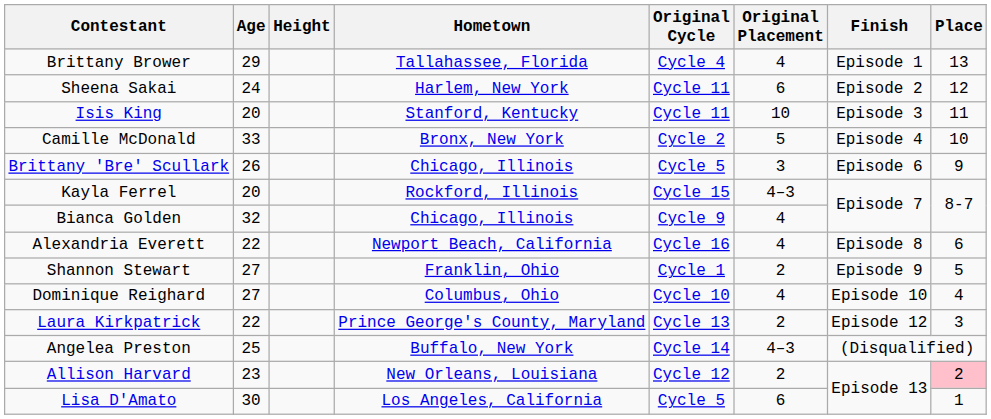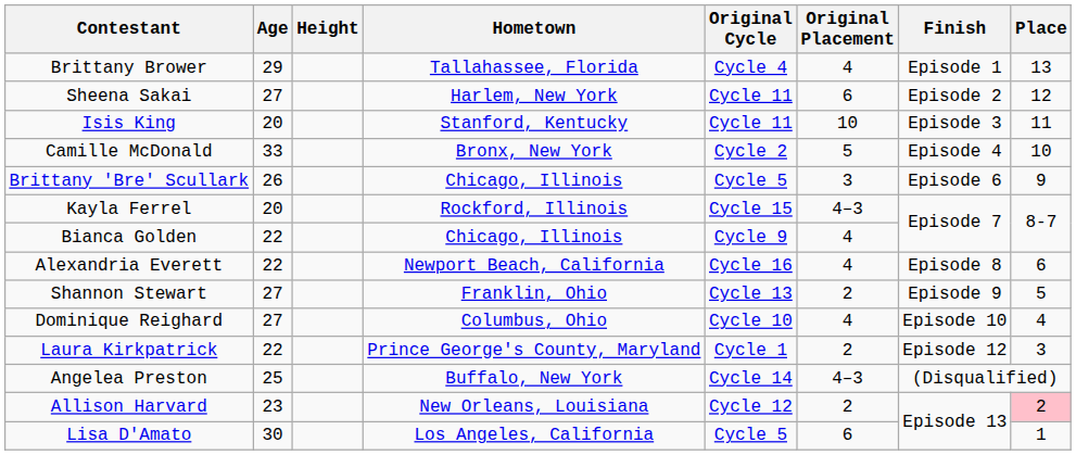 <table class="wikitable sortable" style="text-align:center;">
 <tr>
 <th scope="col">Contestant</th>
 <th scope="col">Age</th>
 <th scope="col">Height</th>
 <th scope="col">Hometown</th>
 <th scope="col">Original<br>Cycle</th>
 <th scope="col">Original<br>Placement</th>
 <th scope="col">Finish</th>
 <th scope="col">Place</th>
 </tr>
 <tr>
 <td>Brittany Brower</td>
 <td>29</td>
 <td></td>
 <td nowrap><a href='#'>Tallahassee, Florida</a></td>
 <td><a href='#'>Cycle 4</a></td>
 <td>4</td>
 <td>Episode 1</td>
 <td>13</td>
 </tr>
 <tr>
 <td>Sheena Sakai</td>
-<td>24</td>
+<td>27</td>
 <td></td>
 <td><a href='#'>Harlem, New York</a></td>
 <td><a href='#'>Cycle 11</a></td>
 <td>6</td>
 <td>Episode 2</td>
 <td>12</td>
 </tr>
 <tr>
 <td><a href='#'>Isis King</a></td>
 <td>20</td>
 <td nowrap></td>
 <td><a href='#'>Stanford, Kentucky</a></td>
 <td><a href='#'>Cycle 11</a></td>
 <td>10</td>
 <td>Episode 3</td>
 <td>11</td>
 </tr>
 <tr>
 <td nowrap>Camille McDonald</td>
 <td>33</td>
 <td></td>
 <td><a href='#'>Bronx, New York</a></td>
 <td><a href='#'>Cycle 2</a></td>
 <td>5</td>
 <td>Episode 4</td>
 <td>10</td>
 </tr>
 <tr>
 <td nowrap><a href='#'>Brittany 'Bre' Scullark</a></td>
 <td>26</td>
 <td></td>
 <td><a href='#'>Chicago, Illinois</a></td>
 <td><a href='#'>Cycle 5</a></td>
 <td>3</td>
 <td>Episode 6</td>
 <td>9</td>
 </tr>
 <tr>
 <td>Kayla Ferrel</td>
 <td>20</td>
 <td></td>
 <td><a href='#'>Rockford, Illinois</a></td>
 <td><a href='#'>Cycle 15</a></td>
 <td>4–3</td>
 <td rowspan=2>Episode 7</td>
 <td rowspan="2">8-7</td>
 </tr>
 <tr>
 <td>Bianca Golden</td>
-<td>32</td>
+<td>22</td>
 <td></td>
 <td><a href='#'>Chicago, Illinois</a></td>
 <td><a href='#'>Cycle 9</a></td>
 <td>4</td>
 </tr>
 <tr>
 <td>Alexandria Everett</td>
 <td>22</td>
 <td></td>
 <td nowrap><a href='#'>Newport Beach, California</a></td>
 <td><a href='#'>Cycle 16</a></td>
 <td>4</td>
 <td>Episode 8</td>
 <td>6</td>
 </tr>
 <tr>
 <td>Shannon Stewart</td>
 <td>27</td>
 <td></td>
 <td><a href='#'>Franklin, Ohio</a></td>
-<td><a href='#'>Cycle 1</a></td>
+<td><a href='#'>Cycle 13</a></td>
 <td>2</td>
 <td>Episode 9</td>
 <td>5</td>
 </tr>
 <tr>
 <td>Dominique Reighard</td>
 <td>27</td>
 <td></td>
 <td><a href='#'>Columbus, Ohio</a></td>
 <td><a href='#'>Cycle 10</a></td>
 <td>4</td>
 <td nowrap>Episode 10</td>
 <td>4</td>
 </tr>
 <tr>
 <td><a href='#'>Laura Kirkpatrick</a></td>
 <td>22</td>
 <td></td>
 <td nowrap><a href='#'>Prince George's County, Maryland</a></td>
-<td><a href='#'>Cycle 13</a></td>
+<td><a href='#'>Cycle 1</a></td>
 <td>2</td>
 <td>Episode 12</td>
 <td>3</td>
 </tr>
 <tr>
 <td>Angelea Preston</td>
 <td>25</td>
 <td nowrap></td>
 <td><a href='#'>Buffalo, New York</a></td>
 <td><a href='#'>Cycle 14</a></td>
 <td>4–3</td>
 <td colspan="2">(Disqualified)</td>
 </tr>
 <tr>
 <td><a href='#'>Allison Harvard</a></td>
 <td>23</td>
 <td></td>
 <td><a href='#'>New Orleans, Louisiana</a></td>
 <td><a href='#'>Cycle 12</a></td>
 <td>2</td>
 <td rowspan="2">Episode 13</td>
 <td style="background: pink;">2</td>
 </tr>
 <tr>
 <td><a href='#'>Lisa D'Amato</a></td>
 <td>30</td>
 <td nowrap></td>
 <td><a href='#'>Los Angeles, California</a></td>
 <td><a href='#'>Cycle 5</a></td>
 <td>6</td>
 <td>1</td>
 </tr>
 </table>
